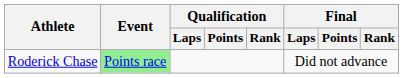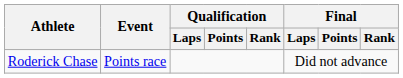 <table class="wikitable" style="font-size:90%">
 <tr>
 <th rowspan=2>Athlete</th>
 <th rowspan=2>Event</th>
 <th colspan=3>Qualification</th>
 <th colspan=3>Final</th>
 </tr>
 <tr style="font-size:95%">
 <th>Laps</th>
 <th>Points</th>
 <th>Rank</th>
 <th>Laps</th>
 <th>Points</th>
 <th>Rank</th>
 </tr>
 <tr align=center>
 <td align=left><a href='#'>Roderick Chase</a></td>
-<td align=left style="background: lightgreen;"><a href='#'>Points race</a></td>
+<td align=left><a href='#'>Points race</a></td>
 <td colspan=3></td>
 <td colspan=3>Did not advance</td>
 </tr>
 </table>
